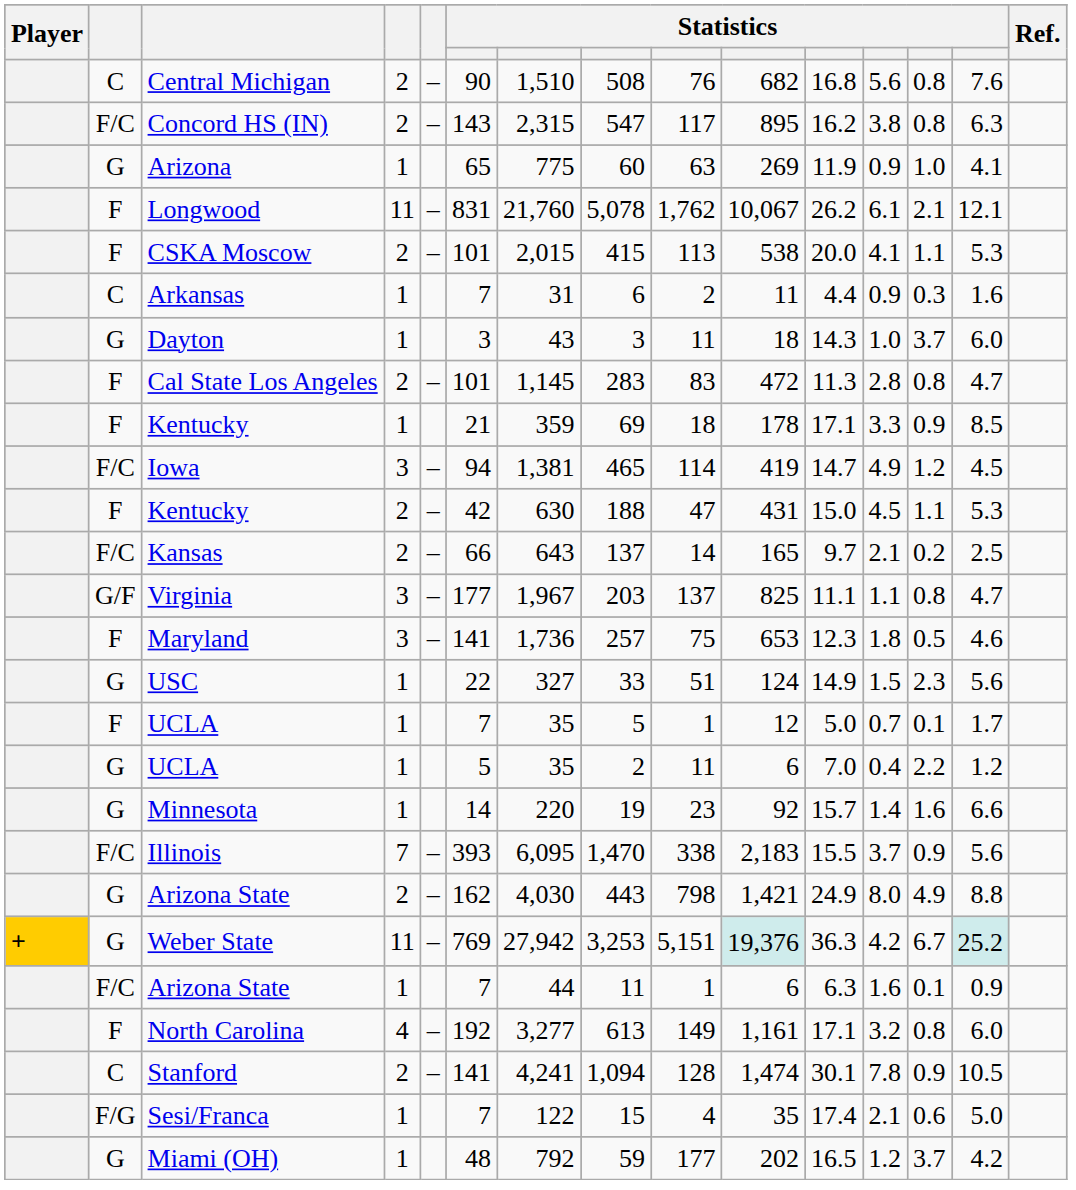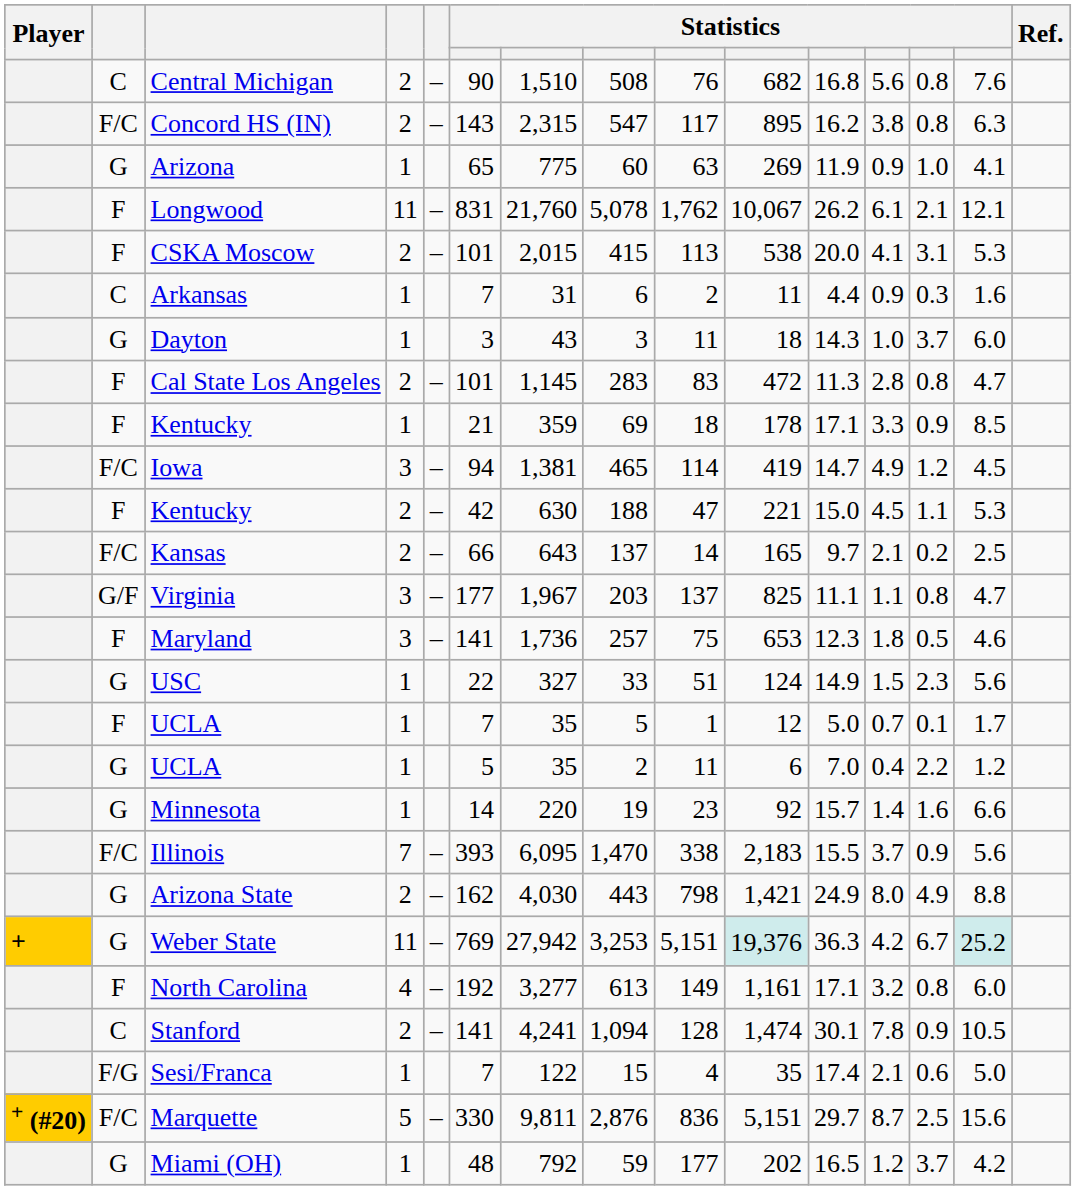 <table class="wikitable sortable" style="font-size:95%; text-align:right;">
 <tr>
 <th scope=col rowspan="2">Player</th>
 <th scope=col rowspan="2"></th>
 <th scope=col rowspan="2"></th>
 <th scope=col rowspan="2"></th>
 <th scope=col rowspan="2"></th>
 <th scope=colgroup colspan="9">Statistics</th>
 <th scope=col rowspan="2">Ref.</th>
 </tr>
 <tr>
 <th scope=col></th>
 <th scope=col></th>
 <th scope=col></th>
 <th scope=col></th>
 <th scope=col></th>
 <th scope=col></th>
 <th scope=col></th>
 <th scope=col></th>
 <th scope=col></th>
 </tr>
 <tr>
 <th scope=row style="text-align:left;"></th>
 <td align="center">C</td>
 <td align="left"><a href='#'>Central Michigan</a></td>
 <td align="center">2</td>
 <td align="center">–</td>
 <td>90</td>
 <td>1,510</td>
 <td>508</td>
 <td>76</td>
 <td>682</td>
 <td>16.8</td>
 <td>5.6</td>
 <td>0.8</td>
 <td>7.6</td>
 <td align=center></td>
 </tr>
 <tr>
 <th scope=row style="text-align:left;"></th>
 <td align="center">F/C</td>
 <td align="left"><a href='#'>Concord HS (IN)</a></td>
 <td align="center">2</td>
 <td align="center">–</td>
 <td>143</td>
 <td>2,315</td>
 <td>547</td>
 <td>117</td>
 <td>895</td>
 <td>16.2</td>
 <td>3.8</td>
 <td>0.8</td>
 <td>6.3</td>
 <td align=center></td>
 </tr>
 <tr>
 <th scope=row style="text-align:left;"></th>
 <td align="center">G</td>
 <td align="left"><a href='#'>Arizona</a></td>
 <td align="center">1</td>
 <td align="center"></td>
 <td>65</td>
 <td>775</td>
 <td>60</td>
 <td>63</td>
 <td>269</td>
 <td>11.9</td>
 <td>0.9</td>
 <td>1.0</td>
 <td>4.1</td>
 <td align=center></td>
 </tr>
 <tr>
 <th scope=row style="text-align:left;"></th>
 <td align="center">F</td>
 <td align="left"><a href='#'>Longwood</a></td>
 <td align="center">11</td>
 <td align="center">–</td>
 <td>831</td>
 <td>21,760</td>
 <td>5,078</td>
 <td>1,762</td>
 <td>10,067</td>
 <td>26.2</td>
 <td>6.1</td>
 <td>2.1</td>
 <td>12.1</td>
 <td align=center></td>
 </tr>
 <tr>
 <th scope=row style="text-align:left;"></th>
 <td align="center">F</td>
 <td align="left"> <a href='#'>CSKA Moscow</a></td>
 <td align="center">2</td>
 <td align="center">–</td>
 <td>101</td>
 <td>2,015</td>
 <td>415</td>
 <td>113</td>
 <td>538</td>
 <td>20.0</td>
 <td>4.1</td>
-<td>1.1</td>
+<td>3.1</td>
 <td>5.3</td>
 <td align=center></td>
 </tr>
 <tr>
 <th scope=row style="text-align:left;"></th>
 <td align="center">C</td>
 <td align="left"><a href='#'>Arkansas</a></td>
 <td align="center">1</td>
 <td align="center"></td>
 <td>7</td>
 <td>31</td>
 <td>6</td>
 <td>2</td>
 <td>11</td>
 <td>4.4</td>
 <td>0.9</td>
 <td>0.3</td>
 <td>1.6</td>
 <td align=center></td>
 </tr>
 <tr>
 <th scope=row style="text-align:left;"></th>
 <td align="center">G</td>
 <td align="left"><a href='#'>Dayton</a></td>
 <td align="center">1</td>
 <td align="center"></td>
 <td>3</td>
 <td>43</td>
 <td>3</td>
 <td>11</td>
 <td>18</td>
 <td>14.3</td>
 <td>1.0</td>
 <td>3.7</td>
 <td>6.0</td>
 <td align=center></td>
 </tr>
 <tr>
 <th scope=row style="text-align:left;"></th>
 <td align="center">F</td>
 <td align="left"><a href='#'>Cal State Los Angeles</a></td>
 <td align="center">2</td>
 <td align="center">–</td>
 <td>101</td>
 <td>1,145</td>
 <td>283</td>
 <td>83</td>
 <td>472</td>
 <td>11.3</td>
 <td>2.8</td>
 <td>0.8</td>
 <td>4.7</td>
 <td align=center></td>
 </tr>
 <tr>
 <th scope=row style="text-align:left;"></th>
 <td align="center">F</td>
 <td align="left"><a href='#'>Kentucky</a></td>
 <td align="center">1</td>
 <td align="center"></td>
 <td>21</td>
 <td>359</td>
 <td>69</td>
 <td>18</td>
 <td>178</td>
 <td>17.1</td>
 <td>3.3</td>
 <td>0.9</td>
 <td>8.5</td>
 <td align=center></td>
 </tr>
 <tr>
 <th scope=row style="text-align:left;"></th>
 <td align="center">F/C</td>
 <td align="left"><a href='#'>Iowa</a></td>
 <td align="center">3</td>
 <td align="center">–</td>
 <td>94</td>
 <td>1,381</td>
 <td>465</td>
 <td>114</td>
 <td>419</td>
 <td>14.7</td>
 <td>4.9</td>
 <td>1.2</td>
 <td>4.5</td>
 <td align=center></td>
 </tr>
 <tr>
 <th scope=row style="text-align:left;"></th>
 <td align="center">F</td>
 <td align="left"><a href='#'>Kentucky</a></td>
 <td align="center">2</td>
 <td align="center">–</td>
 <td>42</td>
 <td>630</td>
 <td>188</td>
 <td>47</td>
-<td>431</td>
+<td>221</td>
 <td>15.0</td>
 <td>4.5</td>
 <td>1.1</td>
 <td>5.3</td>
 <td align=center></td>
 </tr>
 <tr>
 <th scope=row style="text-align:left;"></th>
 <td align="center">F/C</td>
 <td align="left"><a href='#'>Kansas</a></td>
 <td align="center">2</td>
 <td align="center">–</td>
 <td>66</td>
 <td>643</td>
 <td>137</td>
 <td>14</td>
 <td>165</td>
 <td>9.7</td>
 <td>2.1</td>
 <td>0.2</td>
 <td>2.5</td>
 <td align=center></td>
 </tr>
 <tr>
 <th scope=row style="text-align:left;"></th>
 <td align="center">G/F</td>
 <td align="left"><a href='#'>Virginia</a></td>
 <td align="center">3</td>
 <td align="center">–</td>
 <td>177</td>
 <td>1,967</td>
 <td>203</td>
 <td>137</td>
 <td>825</td>
 <td>11.1</td>
 <td>1.1</td>
 <td>0.8</td>
 <td>4.7</td>
 <td align=center></td>
 </tr>
 <tr>
 <th scope=row style="text-align:left;"></th>
 <td align="center">F</td>
 <td align="left"><a href='#'>Maryland</a></td>
 <td align="center">3</td>
 <td align="center">–</td>
 <td>141</td>
 <td>1,736</td>
 <td>257</td>
 <td>75</td>
 <td>653</td>
 <td>12.3</td>
 <td>1.8</td>
 <td>0.5</td>
 <td>4.6</td>
 <td align=center></td>
 </tr>
 <tr>
 <th scope=row style="text-align:left;"></th>
 <td align="center">G</td>
 <td align="left"><a href='#'>USC</a></td>
 <td align="center">1</td>
 <td align="center"></td>
 <td>22</td>
 <td>327</td>
 <td>33</td>
 <td>51</td>
 <td>124</td>
 <td>14.9</td>
 <td>1.5</td>
 <td>2.3</td>
 <td>5.6</td>
 <td align=center></td>
 </tr>
 <tr>
 <th scope=row style="text-align:left;"></th>
 <td align="center">F</td>
 <td align="left"><a href='#'>UCLA</a></td>
 <td align="center">1</td>
 <td align="center"></td>
 <td>7</td>
 <td>35</td>
 <td>5</td>
 <td>1</td>
 <td>12</td>
 <td>5.0</td>
 <td>0.7</td>
 <td>0.1</td>
 <td>1.7</td>
 <td align=center></td>
 </tr>
 <tr>
 <th scope=row style="text-align:left;"></th>
 <td align="center">G</td>
 <td align="left"><a href='#'>UCLA</a></td>
 <td align="center">1</td>
 <td align="center"></td>
 <td>5</td>
 <td>35</td>
 <td>2</td>
 <td>11</td>
 <td>6</td>
 <td>7.0</td>
 <td>0.4</td>
 <td>2.2</td>
 <td>1.2</td>
 <td align=center></td>
 </tr>
 <tr>
 <th scope=row style="text-align:left;"></th>
 <td align="center">G</td>
 <td align="left"><a href='#'>Minnesota</a></td>
 <td align="center">1</td>
 <td align="center"></td>
 <td>14</td>
 <td>220</td>
 <td>19</td>
 <td>23</td>
 <td>92</td>
 <td>15.7</td>
 <td>1.4</td>
 <td>1.6</td>
 <td>6.6</td>
 <td align=center></td>
 </tr>
 <tr>
 <th scope=row style="text-align:left;"></th>
 <td align="center">F/C</td>
 <td align="left"><a href='#'>Illinois</a></td>
 <td align="center">7</td>
 <td align="center">–</td>
 <td>393</td>
 <td>6,095</td>
 <td>1,470</td>
 <td>338</td>
 <td>2,183</td>
 <td>15.5</td>
 <td>3.7</td>
 <td>0.9</td>
 <td>5.6</td>
 <td align=center></td>
 </tr>
 <tr>
 <th scope=row style="text-align:left;"></th>
 <td align="center">G</td>
 <td align="left"><a href='#'>Arizona State</a></td>
 <td align="center">2</td>
 <td align="center">–</td>
 <td>162</td>
 <td>4,030</td>
 <td>443</td>
 <td>798</td>
 <td>1,421</td>
 <td>24.9</td>
 <td>8.0</td>
 <td>4.9</td>
 <td>8.8</td>
 <td align=center></td>
 </tr>
 <tr>
 <th scope=row style="text-align:left; background-color:#FFCC00;">+</th>
 <td align="center">G</td>
 <td align="left"><a href='#'>Weber State</a></td>
 <td align="center">11</td>
 <td align="center">–</td>
 <td>769</td>
 <td>27,942</td>
 <td>3,253</td>
 <td>5,151</td>
 <td bgcolor="#CFECEC">19,376<sup></sup></td>
 <td>36.3</td>
 <td>4.2</td>
 <td>6.7</td>
 <td bgcolor="#CFECEC">25.2<sup></sup></td>
 <td align=center></td>
 </tr>
 <tr>
 <th scope=row style="text-align:left;"></th>
-<td align="center">F/C</td>
-<td align="left"><a href='#'>Arizona State</a></td>
-<td align="center">1</td>
-<td align="center"></td>
-<td>7</td>
-<td>44</td>
-<td>11</td>
-<td>1</td>
-<td>6</td>
-<td>6.3</td>
-<td>1.6</td>
-<td>0.1</td>
-<td>0.9</td>
-<td align=center></td>
-</tr>
-<tr>
-<th scope=row style="text-align:left;"></th>
 <td align="center">F</td>
 <td align="left"><a href='#'>North Carolina</a></td>
 <td align="center">4</td>
 <td align="center">–</td>
 <td>192</td>
 <td>3,277</td>
 <td>613</td>
 <td>149</td>
 <td>1,161</td>
 <td>17.1</td>
 <td>3.2</td>
 <td>0.8</td>
 <td>6.0</td>
 <td align=center></td>
 </tr>
 <tr>
 <th scope=row style="text-align:left;"></th>
 <td align="center">C</td>
 <td align="left"><a href='#'>Stanford</a></td>
 <td align="center">2</td>
 <td align="center">–</td>
 <td>141</td>
 <td>4,241</td>
 <td>1,094</td>
 <td>128</td>
 <td>1,474</td>
 <td>30.1</td>
 <td>7.8</td>
 <td>0.9</td>
 <td>10.5</td>
 <td align=center></td>
 </tr>
 <tr>
 <th scope=row style="text-align:left;"></th>
 <td align="center">F/G</td>
 <td align="left"> <a href='#'>Sesi/Franca</a></td>
 <td align="center">1</td>
 <td align="center"></td>
 <td>7</td>
 <td>122</td>
 <td>15</td>
 <td>4</td>
 <td>35</td>
 <td>17.4</td>
 <td>2.1</td>
 <td>0.6</td>
 <td>5.0</td>
 <td align=center></td>
 </tr>
 <tr>
+<th scope=row style="text-align:left; background-color:#FFCC00;"><sup>+</sup> (#20)</th>
+<td align="center">F/C</td>
+<td align="left"><a href='#'>Marquette</a></td>
+<td align="center">5</td>
+<td align="center">–<br></td>
+<td>330</td>
+<td>9,811</td>
+<td>2,876</td>
+<td>836</td>
+<td>5,151</td>
+<td>29.7</td>
+<td>8.7</td>
+<td>2.5</td>
+<td>15.6</td>
+<td align=center></td>
+</tr>
+<tr>
 <th scope=row style="text-align:left;"></th>
 <td align="center">G</td>
 <td align="left"><a href='#'>Miami (OH)</a></td>
 <td align="center">1</td>
 <td align="center"></td>
 <td>48</td>
 <td>792</td>
 <td>59</td>
 <td>177</td>
 <td>202</td>
 <td>16.5</td>
 <td>1.2</td>
 <td>3.7</td>
 <td>4.2</td>
 <td align=center></td>
 </tr>
 </table>
